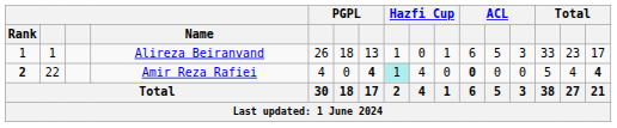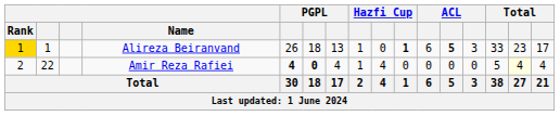 <table class="wikitable sortable" style="text-align:center; font-size:95%;">
 <tr>
 <th colspan="4"></th>
 <th colspan="3">PGPL</th>
 <th colspan="3"><a href='#'>Hazfi Cup</a></th>
 <th colspan="3"><a href='#'>ACL</a></th>
 <th colspan="3">Total</th>
 </tr>
 <tr>
 <th width=20>Rank</th>
 <th width=20></th>
 <th width=20></th>
 <th width=220>Name</th>
 <th width=20></th>
 <th width=20></th>
 <th width=20></th>
 <th width=20></th>
 <th width=20></th>
 <th width=20></th>
 <th width=20></th>
 <th width=20></th>
 <th width=20></th>
 <th width=20></th>
 <th width=20></th>
 <th width=20></th>
 </tr>
 <tr>
-<td>1</td>
+<td style="background: gold;">1</td>
 <td>1</td>
 <td></td>
 <td><a href='#'>Alireza Beiranvand</a></td>
 <td>26</td>
 <td>18</td>
 <td>13</td>
 <td>1</td>
 <td>0</td>
-<td>1</td>
+<td><strong>1</strong></td>
 <td>6</td>
-<td>5</td>
+<td><strong>5</strong></td>
 <td>3</td>
 <td>33</td>
 <td>23</td>
 <td>17</td>
 </tr>
 <tr>
-<td><strong>2</strong></td>
+<td>2</td>
 <td>22</td>
 <td></td>
 <td><a href='#'>Amir Reza Rafiei</a></td>
+<td><strong>4</strong></td>
+<td><strong>0</strong></td>
+<td>4</td>
+<td>1</td>
 <td>4</td>
 <td>0</td>
-<td><strong>4</strong></td>
-<td style="background: paleturquoise;">1</td>
-<td>4</td>
 <td>0</td>
-<td><strong>0</strong></td>
 <td>0</td>
 <td>0</td>
 <td>5</td>
+<td style="background: lightyellow;">4</td>
 <td>4</td>
-<td><strong>4</strong></td>
 </tr>
 <tr>
 <th colspan="4">Total</th>
 <th>30</th>
 <th>18</th>
 <th>17</th>
 <th>2</th>
 <th>4</th>
 <th>1</th>
 <th>6</th>
 <th>5</th>
 <th>3</th>
 <th>38</th>
 <th>27</th>
 <th>21</th>
 </tr>
 <tr style="text-align:left; background:#dcdcdc;">
 <th colspan="20"><small>Last updated: 1 June 2024</small></th>
 </tr>
 </table>
